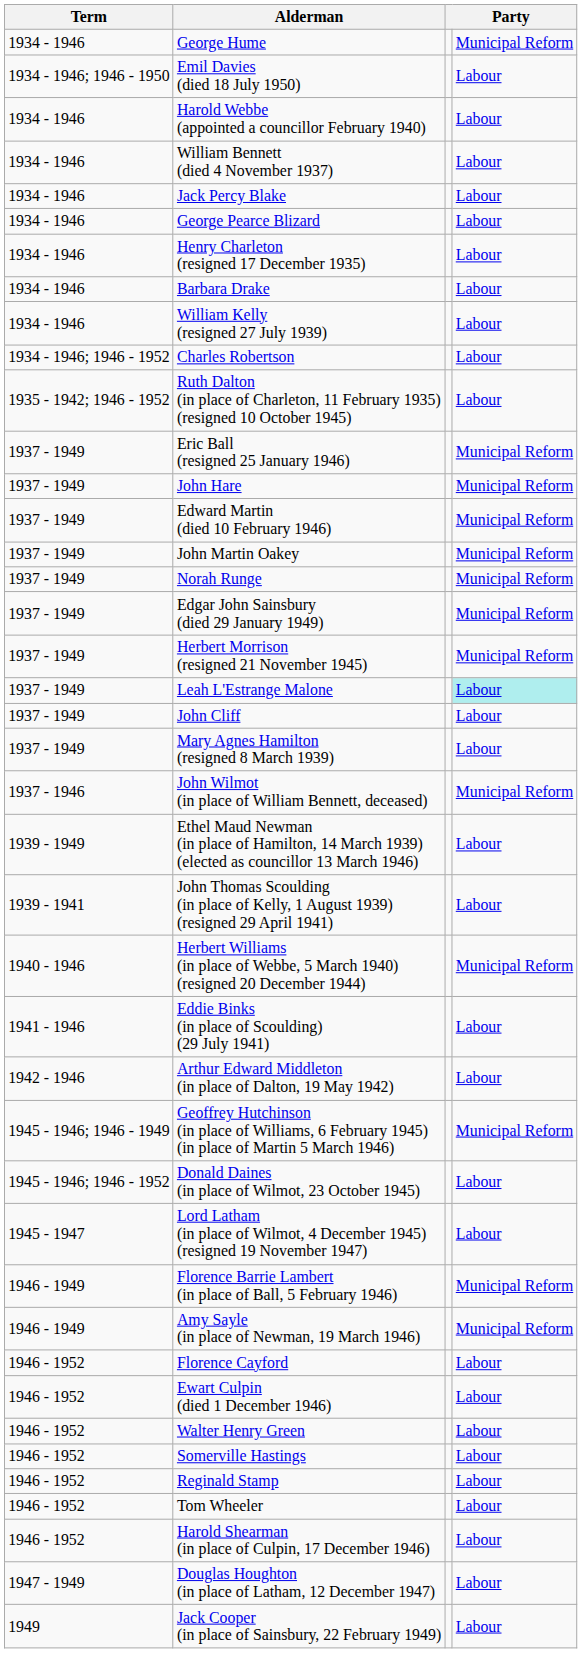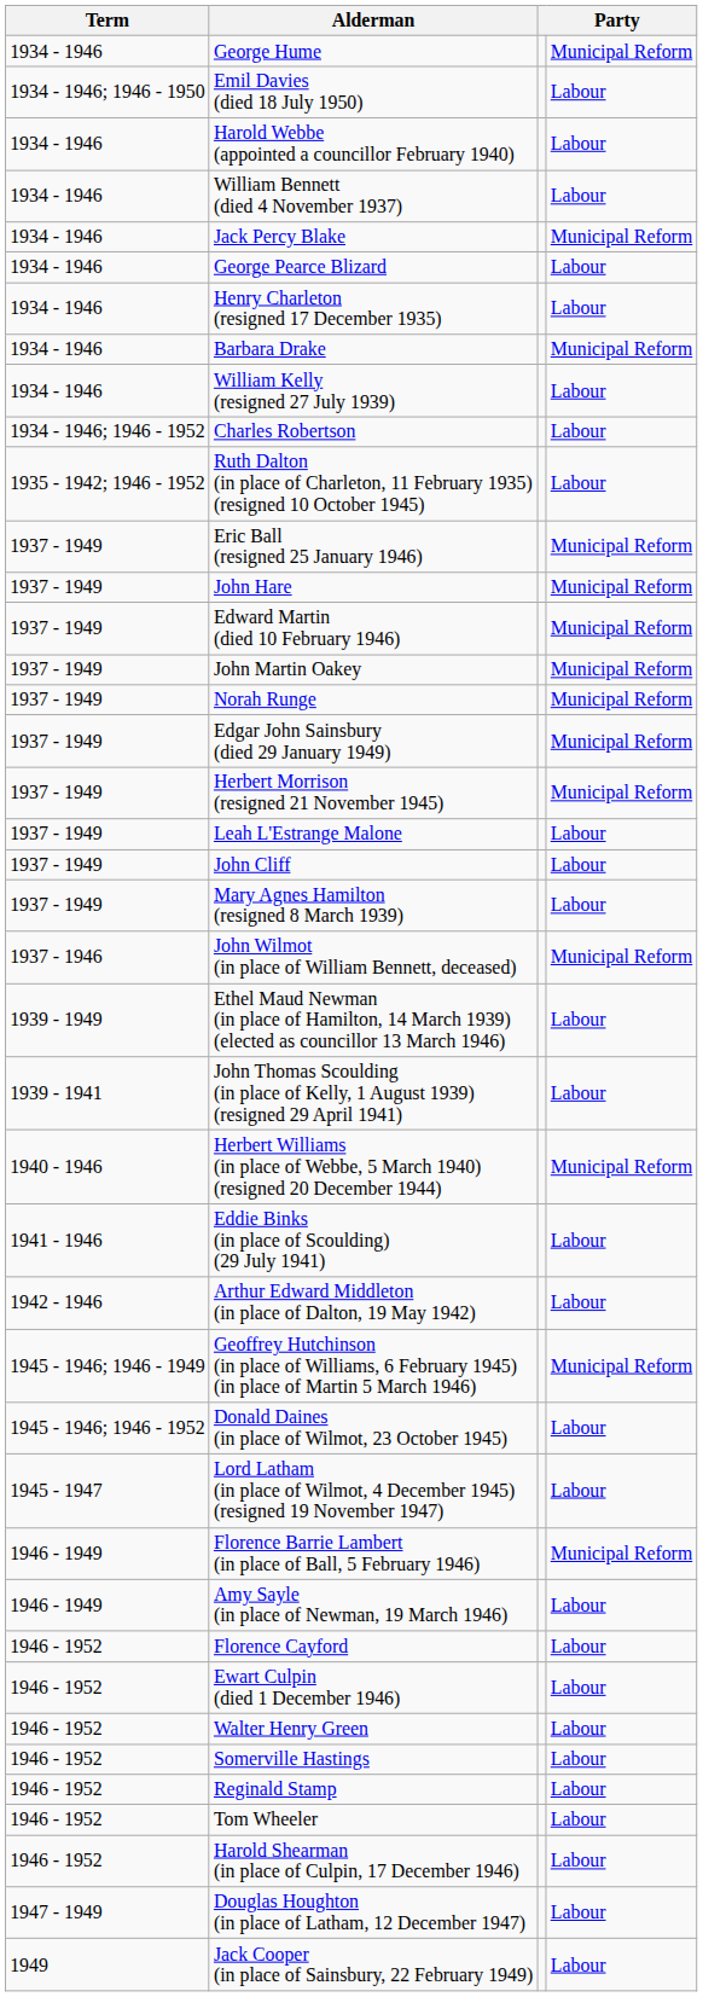 <table class="wikitable" border="1">
 <tr>
 <th>Term</th>
 <th>Alderman</th>
 <th colspan=2!>Party</th>
 </tr>
 <tr>
 <td>1934 - 1946</td>
 <td><a href='#'>George Hume</a></td>
 <td style="background-color: "></td>
 <td><a href='#'>Municipal Reform</a></td>
 </tr>
 <tr>
 <td>1934 - 1946; 1946 - 1950</td>
 <td><a href='#'>Emil Davies</a><br>(died 18 July 1950)</td>
 <td style="background-color: "></td>
 <td><a href='#'>Labour</a></td>
 </tr>
 <tr>
 <td>1934 - 1946</td>
 <td><a href='#'>Harold Webbe</a> <br>(appointed a councillor February 1940)</td>
 <td style="background-color: "></td>
 <td><a href='#'>Labour</a></td>
 </tr>
 <tr>
 <td>1934 - 1946</td>
 <td>William Bennett<br>(died 4 November 1937)</td>
 <td style="background-color: "></td>
 <td><a href='#'>Labour</a></td>
 </tr>
 <tr>
 <td>1934 - 1946</td>
 <td><a href='#'>Jack Percy Blake</a></td>
 <td style="background-color: "></td>
-<td><a href='#'>Labour</a></td>
+<td><a href='#'>Municipal Reform</a></td>
 </tr>
 <tr>
 <td>1934 - 1946</td>
 <td><a href='#'>George Pearce Blizard</a></td>
 <td style="background-color: "></td>
 <td><a href='#'>Labour</a></td>
 </tr>
 <tr>
 <td>1934 - 1946</td>
 <td><a href='#'>Henry Charleton</a><br>(resigned 17 December 1935)</td>
 <td style="background-color: "></td>
 <td><a href='#'>Labour</a></td>
 </tr>
 <tr>
 <td>1934 - 1946</td>
 <td><a href='#'>Barbara Drake</a></td>
 <td style="background-color: "></td>
-<td><a href='#'>Labour</a></td>
+<td><a href='#'>Municipal Reform</a></td>
 </tr>
 <tr>
 <td>1934 - 1946</td>
 <td><a href='#'>William Kelly</a><br>(resigned 27 July 1939)</td>
 <td style="background-color: "></td>
 <td><a href='#'>Labour</a></td>
 </tr>
 <tr>
 <td>1934 - 1946; 1946 - 1952</td>
 <td><a href='#'>Charles Robertson</a></td>
 <td style="background-color: "></td>
 <td><a href='#'>Labour</a></td>
 </tr>
 <tr>
 <td>1935 - 1942; 1946 - 1952</td>
 <td><a href='#'>Ruth Dalton</a><br>(in place of Charleton, 11 February 1935)<br>(resigned 10 October 1945)</td>
 <td style="background-color: "></td>
 <td><a href='#'>Labour</a></td>
 </tr>
 <tr>
 <td>1937 - 1949</td>
 <td>Eric Ball<br>(resigned 25 January 1946)</td>
 <td style="background-color: "></td>
 <td><a href='#'>Municipal Reform</a></td>
 </tr>
 <tr>
 <td>1937 - 1949</td>
 <td><a href='#'>John Hare</a></td>
 <td style="background-color: "></td>
 <td><a href='#'>Municipal Reform</a></td>
 </tr>
 <tr>
 <td>1937 - 1949</td>
 <td>Edward Martin<br>(died 10 February 1946)</td>
 <td style="background-color: "></td>
 <td><a href='#'>Municipal Reform</a></td>
 </tr>
 <tr>
 <td>1937 - 1949</td>
 <td>John Martin Oakey</td>
 <td style="background-color: "></td>
 <td><a href='#'>Municipal Reform</a></td>
 </tr>
 <tr>
 <td>1937 - 1949</td>
 <td><a href='#'>Norah Runge</a></td>
 <td style="background-color: "></td>
 <td><a href='#'>Municipal Reform</a></td>
 </tr>
 <tr>
 <td>1937 - 1949</td>
 <td>Edgar John Sainsbury<br>(died 29 January 1949)</td>
 <td style="background-color: "></td>
 <td><a href='#'>Municipal Reform</a></td>
 </tr>
 <tr>
 <td>1937 - 1949</td>
 <td><a href='#'>Herbert Morrison</a><br>(resigned 21 November 1945)</td>
 <td style="background-color: "></td>
 <td><a href='#'>Municipal Reform</a></td>
 </tr>
 <tr>
 <td>1937 - 1949</td>
 <td><a href='#'>Leah L'Estrange Malone</a></td>
 <td style="background-color: "></td>
-<td style="background: paleturquoise;"><a href='#'>Labour</a></td>
+<td><a href='#'>Labour</a></td>
 </tr>
 <tr>
 <td>1937 - 1949</td>
 <td><a href='#'>John Cliff</a></td>
 <td style="background-color: "></td>
 <td><a href='#'>Labour</a></td>
 </tr>
 <tr>
 <td>1937 - 1949</td>
 <td><a href='#'>Mary Agnes Hamilton</a><br>(resigned 8 March 1939)</td>
 <td style="background-color: "></td>
 <td><a href='#'>Labour</a></td>
 </tr>
 <tr>
 <td>1937 - 1946</td>
 <td><a href='#'>John Wilmot</a><br>(in place of William Bennett, deceased)</td>
 <td style="background-color: "></td>
 <td><a href='#'>Municipal Reform</a></td>
 </tr>
 <tr>
 <td>1939 - 1949</td>
 <td>Ethel Maud Newman<br>(in place of Hamilton, 14 March 1939)<br>(elected as councillor 13 March 1946)</td>
 <td style="background-color: "></td>
 <td><a href='#'>Labour</a></td>
 </tr>
 <tr>
 <td>1939 - 1941</td>
 <td>John Thomas Scoulding<br>(in place of Kelly, 1 August 1939)<br>(resigned 29 April 1941)</td>
 <td style="background-color: "></td>
 <td><a href='#'>Labour</a></td>
 </tr>
 <tr>
 <td>1940 - 1946</td>
 <td><a href='#'>Herbert Williams</a><br>(in place of Webbe, 5 March 1940)<br>(resigned 20 December 1944)</td>
 <td style="background-color: "></td>
 <td><a href='#'>Municipal Reform</a></td>
 </tr>
 <tr>
 <td>1941 - 1946</td>
 <td><a href='#'>Eddie Binks</a><br>(in place of Scoulding)<br>(29 July 1941)</td>
 <td style="background-color: "></td>
 <td><a href='#'>Labour</a></td>
 </tr>
 <tr>
 <td>1942 - 1946</td>
 <td><a href='#'>Arthur Edward Middleton</a><br>(in place of Dalton, 19 May 1942)</td>
 <td style="background-color: "></td>
 <td><a href='#'>Labour</a></td>
 </tr>
 <tr>
 <td>1945 - 1946; 1946 -  1949</td>
 <td><a href='#'>Geoffrey Hutchinson</a><br>(in place of Williams, 6 February 1945)<br>(in place of Martin 5 March 1946)</td>
 <td style="background-color: "></td>
 <td><a href='#'>Municipal Reform</a></td>
 </tr>
 <tr>
 <td>1945 - 1946; 1946 - 1952</td>
 <td><a href='#'>Donald Daines</a><br>(in place of Wilmot, 23 October 1945)</td>
 <td style="background-color: "></td>
 <td><a href='#'>Labour</a></td>
 </tr>
 <tr>
 <td>1945 - 1947</td>
 <td><a href='#'>Lord Latham</a><br>(in place of Wilmot, 4 December 1945)<br>(resigned 19 November 1947)</td>
 <td style="background-color: "></td>
 <td><a href='#'>Labour</a></td>
 </tr>
 <tr>
 <td>1946 - 1949</td>
 <td><a href='#'>Florence Barrie Lambert</a><br>(in place of Ball, 5 February 1946)</td>
 <td style="background-color: "></td>
 <td><a href='#'>Municipal Reform</a></td>
 </tr>
 <tr>
 <td>1946 - 1949</td>
 <td><a href='#'>Amy Sayle</a><br>(in place of Newman, 19 March 1946)</td>
 <td style="background-color: "></td>
-<td><a href='#'>Municipal Reform</a></td>
+<td><a href='#'>Labour</a></td>
 </tr>
 <tr>
 <td>1946 - 1952</td>
 <td><a href='#'>Florence Cayford</a></td>
 <td style="background-color: "></td>
 <td><a href='#'>Labour</a></td>
 </tr>
 <tr>
 <td>1946 - 1952</td>
 <td><a href='#'>Ewart Culpin</a><br>(died 1 December 1946)</td>
 <td style="background-color: "></td>
 <td><a href='#'>Labour</a></td>
 </tr>
 <tr>
 <td>1946 - 1952</td>
 <td><a href='#'>Walter Henry Green</a></td>
 <td style="background-color: "></td>
 <td><a href='#'>Labour</a></td>
 </tr>
 <tr>
 <td>1946 - 1952</td>
 <td><a href='#'>Somerville Hastings</a></td>
 <td style="background-color: "></td>
 <td><a href='#'>Labour</a></td>
 </tr>
 <tr>
 <td>1946 - 1952</td>
 <td><a href='#'>Reginald Stamp</a></td>
 <td style="background-color: "></td>
 <td><a href='#'>Labour</a></td>
 </tr>
 <tr>
 <td>1946 - 1952</td>
 <td>Tom Wheeler</td>
 <td style="background-color: "></td>
 <td><a href='#'>Labour</a></td>
 </tr>
 <tr>
 <td>1946 - 1952</td>
 <td><a href='#'>Harold Shearman</a><br>(in place of Culpin, 17 December 1946)</td>
 <td style="background-color: "></td>
 <td><a href='#'>Labour</a></td>
 </tr>
 <tr>
 <td>1947 - 1949</td>
 <td><a href='#'>Douglas Houghton</a><br>(in place of Latham, 12 December 1947)</td>
 <td style="background-color: "></td>
 <td><a href='#'>Labour</a></td>
 </tr>
 <tr>
 <td>1949</td>
 <td><a href='#'>Jack Cooper</a><br>(in place of Sainsbury, 22 February 1949)</td>
 <td style="background-color: "></td>
 <td><a href='#'>Labour</a></td>
 </tr>
 </table>
